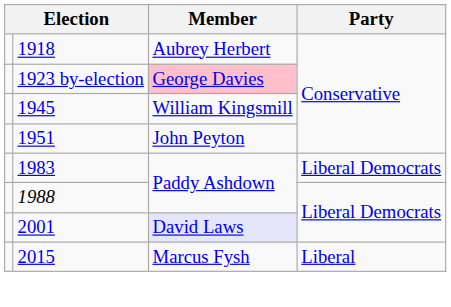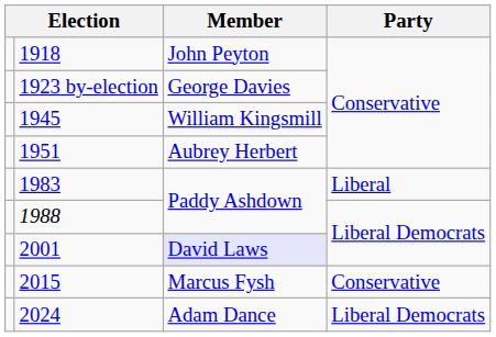 <table class="wikitable">
 <tr>
 <th colspan="2">Election</th>
 <th>Member</th>
 <th>Party</th>
 </tr>
 <tr>
 <td style="color:inherit;background-color: "></td>
 <td><a href='#'>1918</a></td>
-<td><a href='#'>Aubrey Herbert</a></td>
+<td><a href='#'>John Peyton</a></td>
 <td rowspan="4"><a href='#'>Conservative</a></td>
 </tr>
 <tr>
 <td style="color:inherit;background-color: "></td>
 <td><a href='#'>1923 by-election</a></td>
-<td style="background: pink;"><a href='#'>George Davies</a></td>
+<td><a href='#'>George Davies</a></td>
 </tr>
 <tr>
 <td style="color:inherit;background-color: "></td>
 <td><a href='#'>1945</a></td>
 <td><a href='#'>William Kingsmill</a></td>
 </tr>
 <tr>
 <td style="color:inherit;background-color: "></td>
 <td><a href='#'>1951</a></td>
-<td><a href='#'>John Peyton</a></td>
+<td><a href='#'>Aubrey Herbert</a></td>
 </tr>
 <tr>
 <td style="color:inherit;background-color: "></td>
 <td><a href='#'>1983</a></td>
 <td rowspan="2"><a href='#'>Paddy Ashdown</a></td>
-<td><a href='#'>Liberal Democrats</a></td>
+<td><a href='#'>Liberal</a></td>
 </tr>
 <tr>
 <td style="color:inherit;background-color: "></td>
 <td><em>1988</em></td>
 <td rowspan="2"><a href='#'>Liberal Democrats</a></td>
 </tr>
 <tr>
 <td style="color:inherit;background-color: "></td>
 <td><a href='#'>2001</a></td>
 <td style="background: lavender;"><a href='#'>David Laws</a></td>
 </tr>
 <tr>
 <td style="color:inherit;background-color: "></td>
 <td><a href='#'>2015</a></td>
 <td><a href='#'>Marcus Fysh</a></td>
-<td><a href='#'>Liberal</a></td>
+<td><a href='#'>Conservative</a></td>
+</tr>
+<tr>
+<td style="color:inherit;background-color: "></td>
+<td><a href='#'>2024</a></td>
+<td><a href='#'>Adam Dance</a></td>
+<td><a href='#'>Liberal Democrats</a></td>
 </tr>
 </table>
